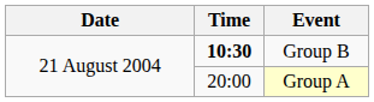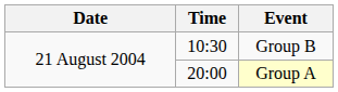 <table class = "wikitable" style="text-align:center;">
 <tr>
 <th width=150>Date</th>
 <th width=50>Time</th>
 <th width=80>Event</th>
 </tr>
 <tr>
 <td rowspan=2>21 August 2004</td>
-<td><strong>10:30</strong></td>
+<td>10:30</td>
 <td>Group B</td>
 </tr>
 <tr>
 <td>20:00</td>
 <td bgcolor=ffffcc>Group A</td>
 </tr>
 </table>
